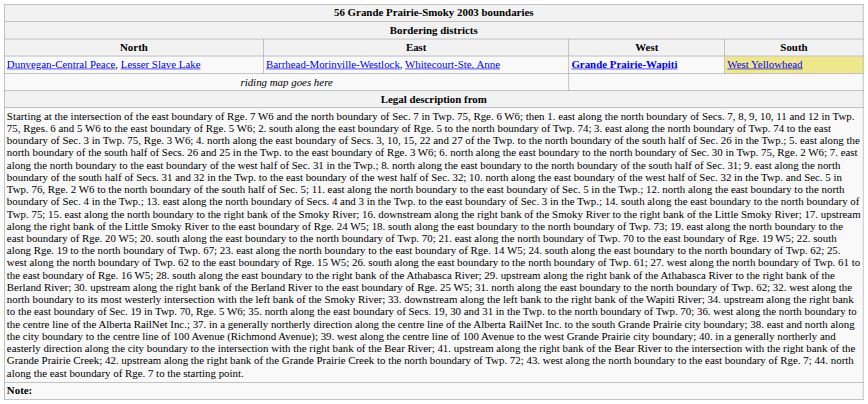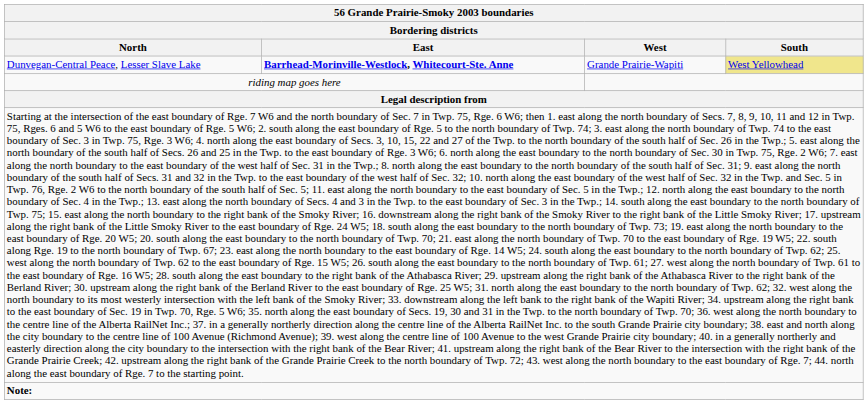 <table class="wikitable collapsible collapsed" style="width:100%;">
 <tr>
 <th colspan=4>56 Grande Prairie-Smoky 2003 boundaries</th>
 </tr>
 <tr>
 <th colspan=4>Bordering districts</th>
 </tr>
 <tr>
 <th>North</th>
 <th>East</th>
 <th>West</th>
 <th>South</th>
 </tr>
 <tr>
 <td><a href='#'>Dunvegan-Central Peace</a>, <a href='#'>Lesser Slave Lake</a></td>
-<td><a href='#'>Barrhead-Morinville-Westlock</a>, <a href='#'>Whitecourt-Ste. Anne</a></td>
-<td><strong><a href='#'>Grande Prairie-Wapiti</a></strong></td>
+<td><strong><a href='#'>Barrhead-Morinville-Westlock</a>, <a href='#'>Whitecourt-Ste. Anne</a></strong></td>
+<td><a href='#'>Grande Prairie-Wapiti</a></td>
 <td style="background: khaki;"><a href='#'>West Yellowhead</a></td>
 </tr>
 <tr>
 <td colspan=2 align=center><em>riding map goes here</em></td>
 <td colspan=2 align=center></td>
 </tr>
 <tr>
 <th colspan=4>Legal description from </th>
 </tr>
 <tr>
 <td colspan=4>Starting at the intersection of the east boundary of Rge. 7 W6 and the north boundary of Sec. 7 in Twp. 75, Rge. 6 W6; then 1. east along the north boundary of Secs. 7, 8, 9, 10, 11 and 12 in Twp. 75, Rges. 6 and 5 W6 to the east boundary of Rge. 5 W6; 2. south along the east boundary of Rge. 5 to the north boundary of Twp. 74; 3. east along the north boundary of Twp. 74 to the east boundary of Sec. 3 in Twp. 75, Rge. 3 W6; 4. north along the east boundary of Secs. 3, 10, 15, 22 and 27 of the Twp. to the north boundary of the south half of Sec. 26 in the Twp.; 5. east along the north boundary of the south half of Secs. 26 and 25 in the Twp. to the east boundary of Rge. 3 W6; 6. north along the east boundary to the north boundary of Sec. 30 in Twp. 75, Rge. 2 W6; 7. east along the north boundary to the east boundary of the west half of Sec. 31 in the Twp.; 8. north along the east boundary to the north boundary of the south half of Sec. 31; 9. east along the north boundary of the south half of Secs. 31 and 32 in the Twp. to the east boundary of the west half of Sec. 32; 10. north along the east boundary of the west half of Sec. 32 in the Twp. and Sec. 5 in Twp. 76, Rge. 2 W6 to the north boundary of the south half of Sec. 5; 11. east along the north boundary to the east boundary of Sec. 5 in the Twp.; 12. north along the east boundary to the north boundary of Sec. 4 in the Twp.; 13. east along the north boundary of Secs. 4 and 3 in the Twp. to the east boundary of Sec. 3 in the Twp.; 14. south along the east boundary to the north boundary of Twp. 75; 15. east along the north boundary to the right bank of the Smoky River; 16. downstream along the right bank of the Smoky River to the right bank of the Little Smoky River; 17. upstream along the right bank of the Little Smoky River to the east boundary of Rge. 24 W5; 18. south along the east boundary to the north boundary of Twp. 73; 19. east along the north boundary to the east boundary of Rge. 20 W5; 20. south along the east boundary to the north boundary of Twp. 70; 21. east along the north boundary of Twp. 70 to the east boundary of Rge. 19 W5; 22. south along Rge. 19 to the north boundary of Twp. 67; 23. east along the north boundary to the east boundary of Rge. 14 W5; 24. south along the east boundary to the north boundary of Twp. 62; 25. west along the north boundary of Twp. 62 to the east boundary of Rge. 15 W5; 26. south along the east boundary to the north boundary of Twp. 61; 27. west along the north boundary of Twp. 61 to the east boundary of Rge. 16 W5; 28. south along the east boundary to the right bank of the Athabasca River; 29. upstream along the right bank of the Athabasca River to the right bank of the Berland River; 30. upstream along the right bank of the Berland River to the east boundary of Rge. 25 W5; 31. north along the east boundary to the north boundary of Twp. 62; 32. west along the north boundary to its most westerly intersection with the left bank of the Smoky River; 33. downstream along the left bank to the right bank of the Wapiti River; 34. upstream along the right bank to the east boundary of Sec. 19 in Twp. 70, Rge. 5 W6; 35. north along the east boundary of Secs. 19, 30 and 31 in the Twp. to the north boundary of Twp. 70; 36. west along the north boundary to the centre line of the Alberta RailNet Inc.; 37. in a generally northerly direction along the centre line of the Alberta RailNet Inc. to the south Grande Prairie city boundary; 38. east and north along the city boundary to the centre line of 100 Avenue (Richmond Avenue); 39. west along the centre line of 100 Avenue to the west Grande Prairie city boundary; 40. in a generally northerly and easterly direction along the city boundary to the intersection with the right bank of the Bear River; 41. upstream along the right bank of the Bear River to the intersection with the right bank of the Grande Prairie Creek; 42. upstream along the right bank of the Grande Prairie Creek to the north boundary of Twp. 72; 43. west along the north boundary to the east boundary of Rge. 7; 44. north along the east boundary of Rge. 7 to the starting point.</td>
 </tr>
 <tr>
 <td colspan=4><strong>Note:</strong></td>
 </tr>
 </table>
